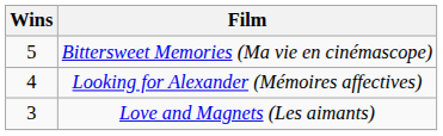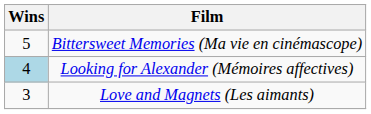 <table class="wikitable" style="text-align:center;">
 <tr>
 <th scope="col" width="17">Wins</th>
 <th scope="col" align="center">Film</th>
 </tr>
 <tr>
 <td rowspan="1" style="text-align:center;">5</td>
 <td><em><a href='#'>Bittersweet Memories</a> (Ma vie en cinémascope)</em></td>
 </tr>
 <tr>
-<td rowspan="1" style="text-align:center;">4</td>
+<td rowspan="1" style="background: lightblue; text-align:center;">4</td>
 <td><em><a href='#'>Looking for Alexander</a> (Mémoires affectives)</em></td>
 </tr>
 <tr>
 <td rowspan="1" style="text-align:center;">3</td>
 <td><em><a href='#'>Love and Magnets</a> (Les aimants)</em></td>
 </tr>
 <tr>
 </tr>
 </table>
